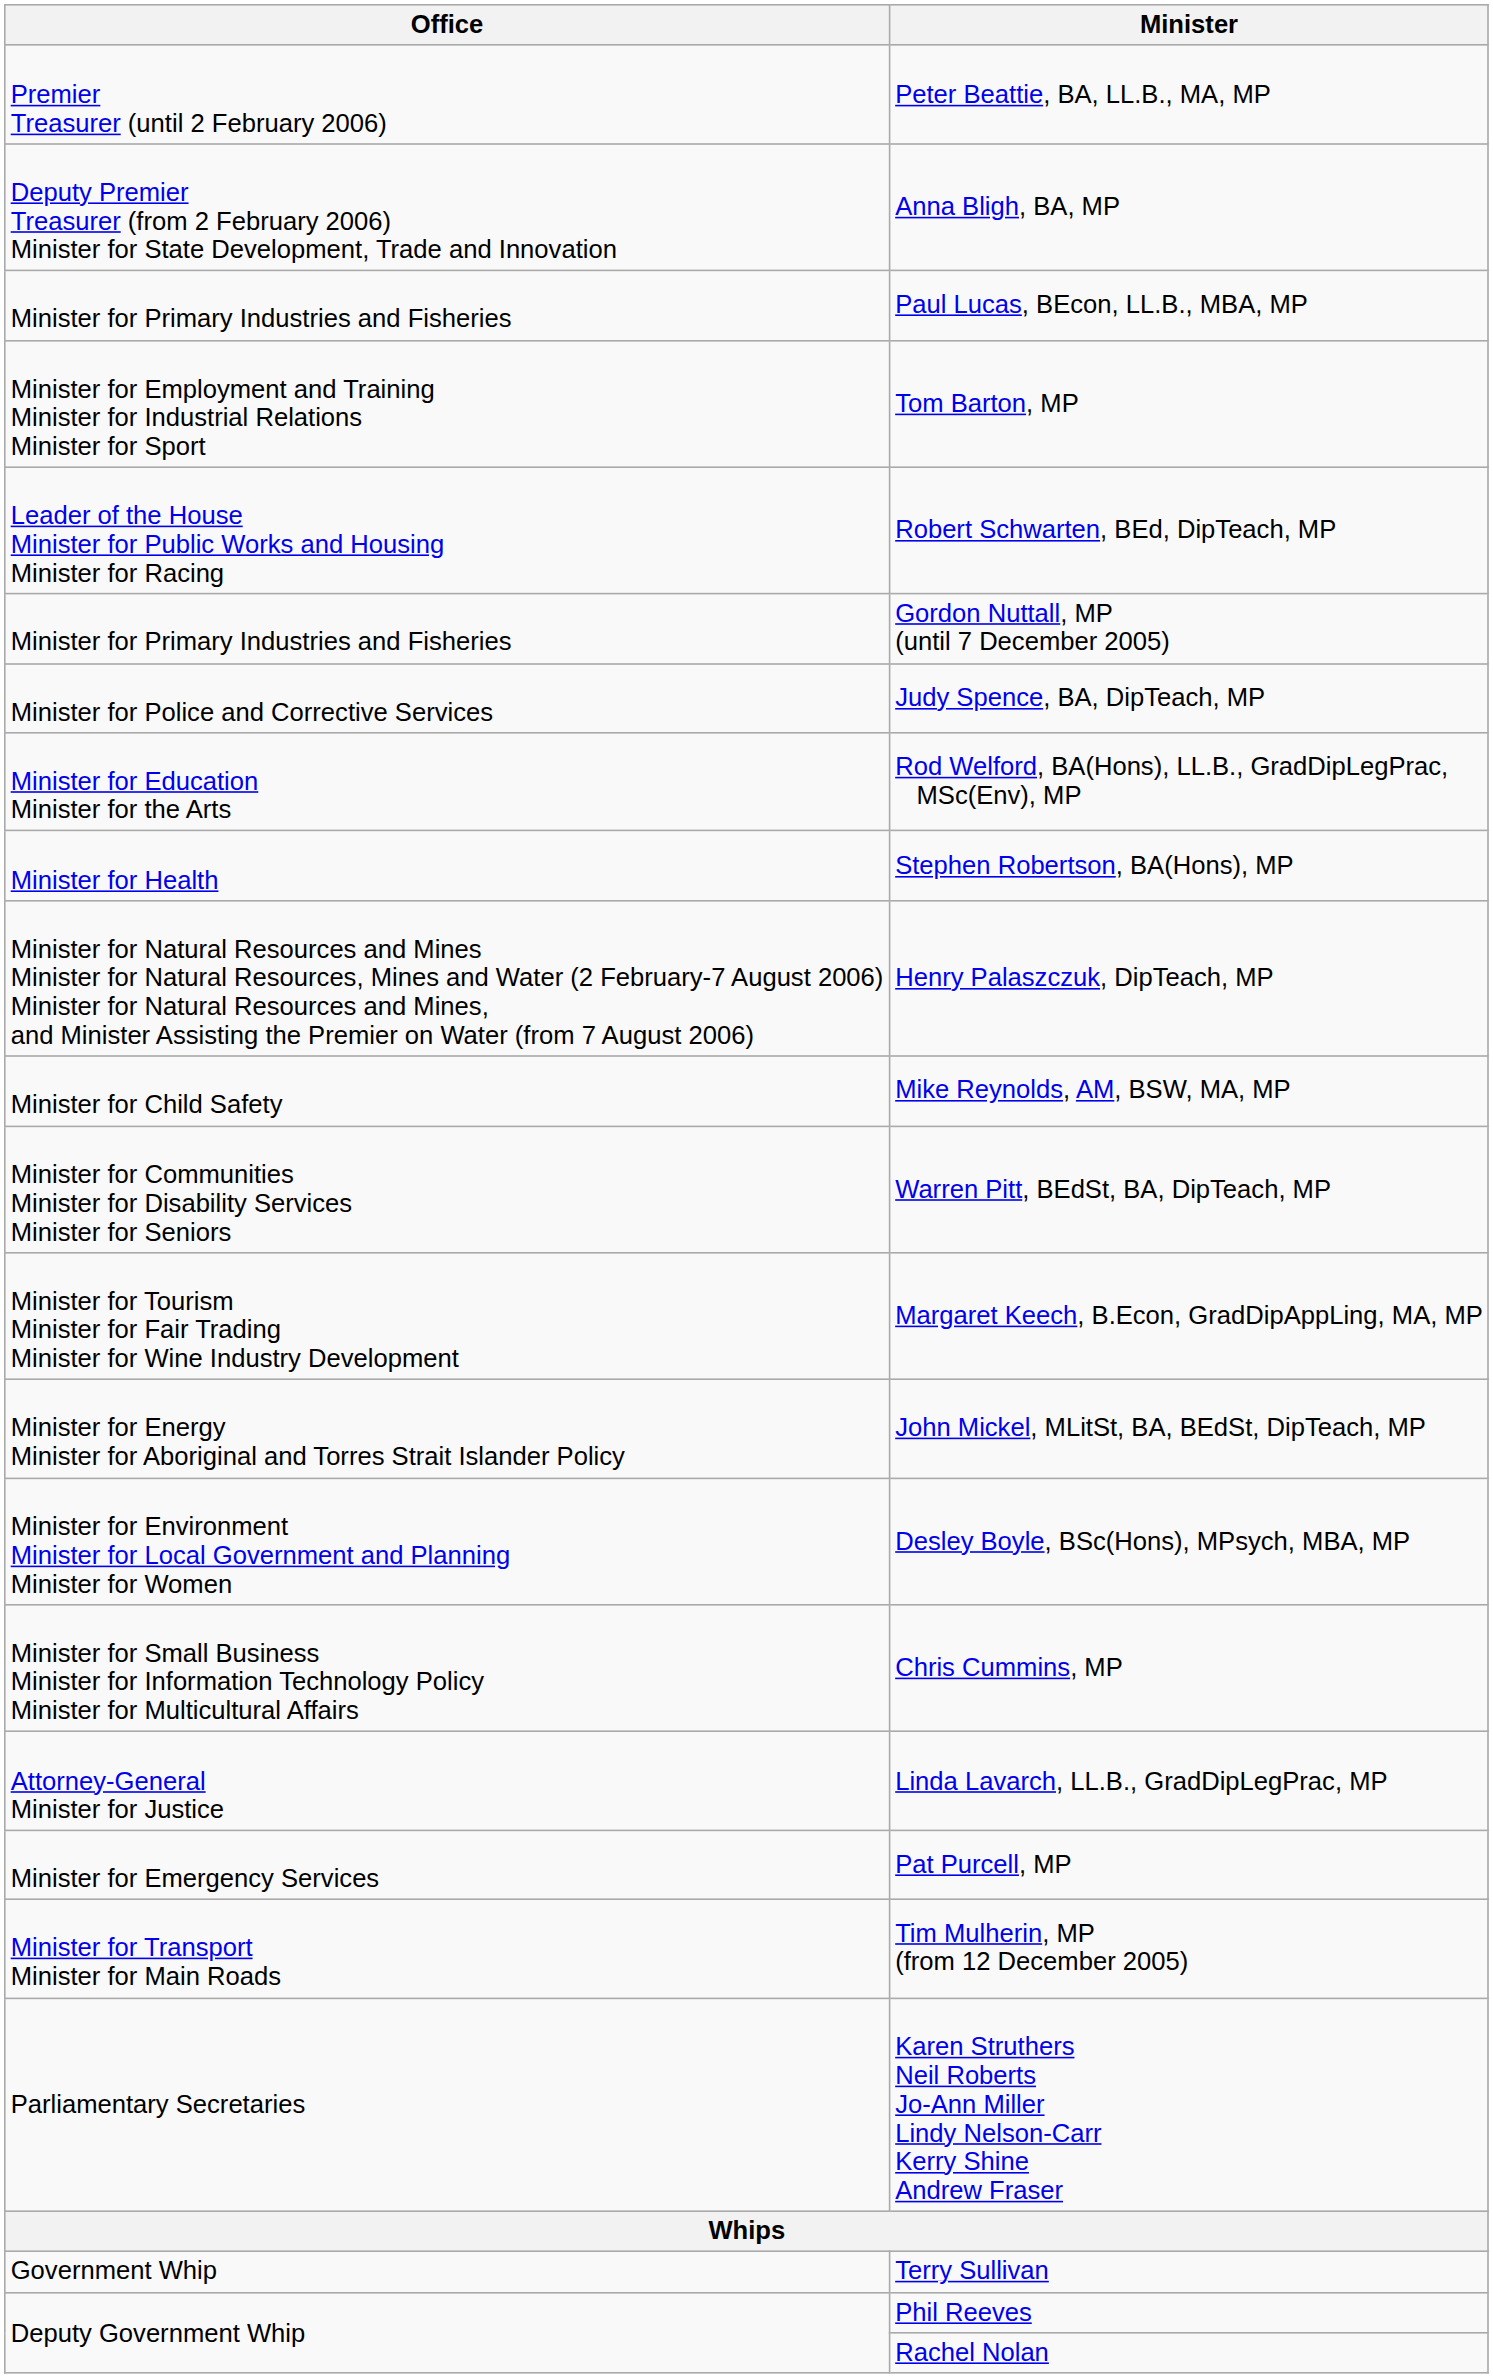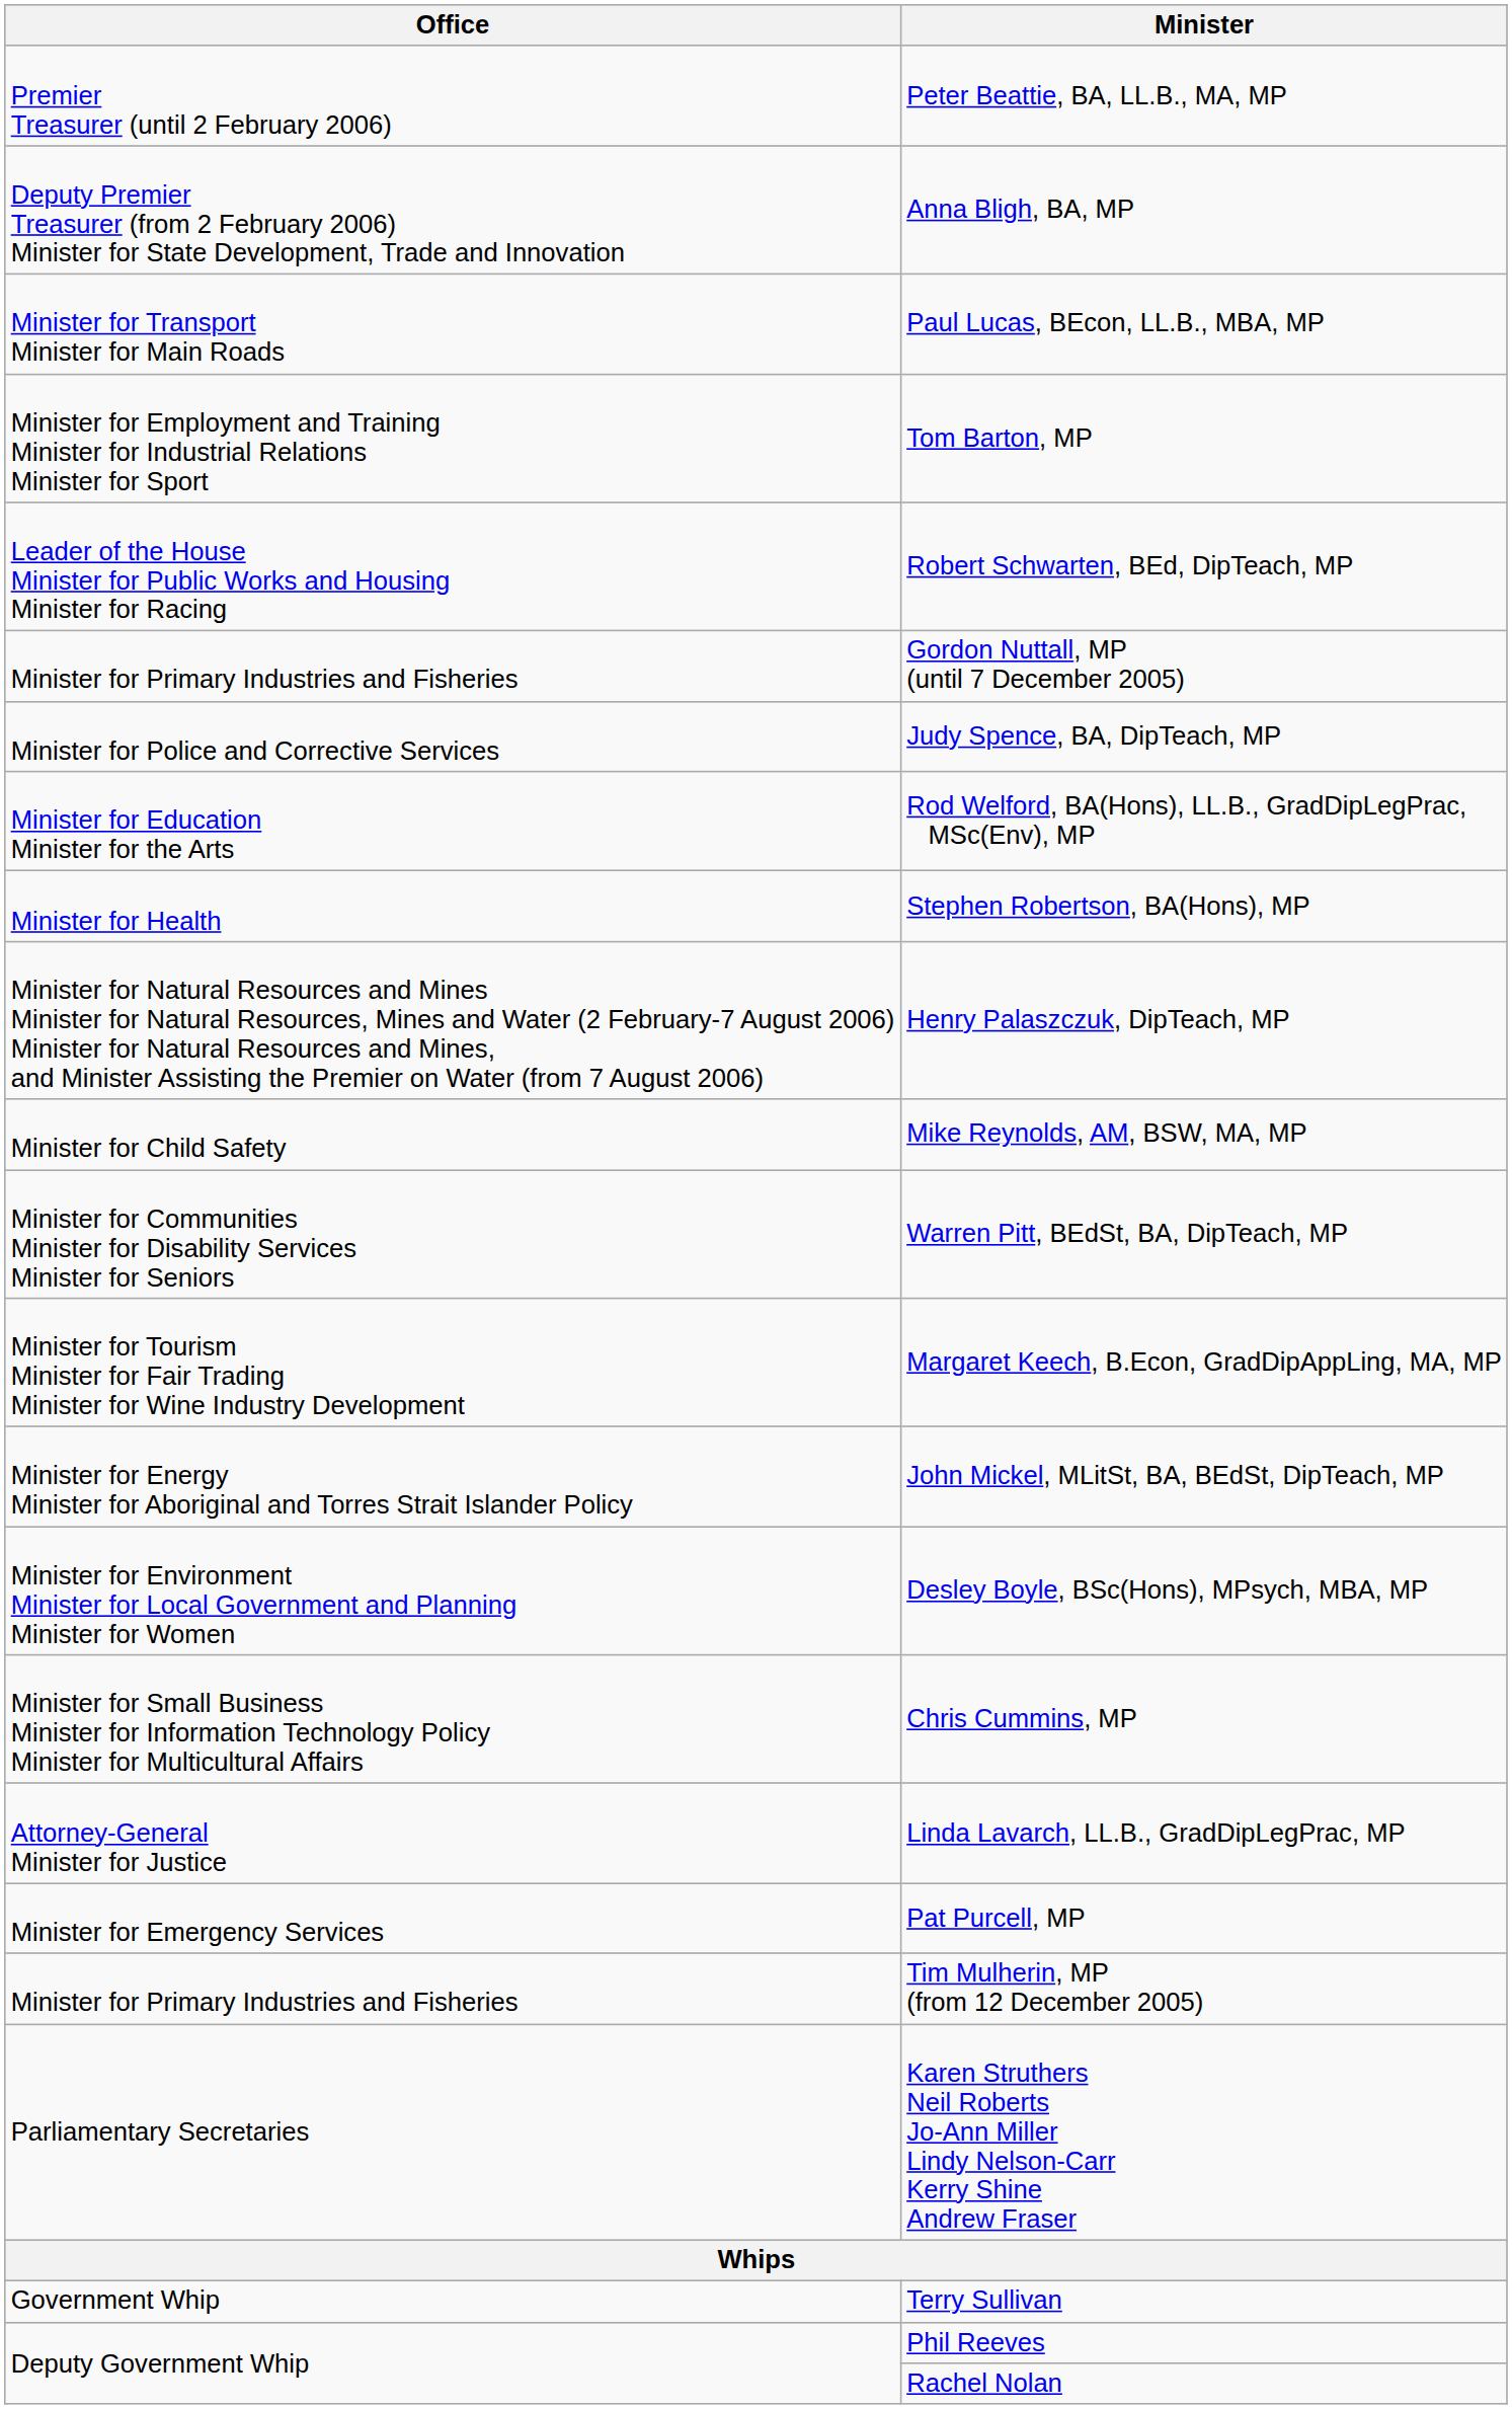 <table class="wikitable">
 <tr>
 <th>Office</th>
 <th>Minister</th>
 </tr>
 <tr>
 <td><br><a href='#'>Premier</a><br> <a href='#'>Treasurer</a> (until 2 February 2006)<br></td>
 <td><a href='#'>Peter Beattie</a>, BA, LL.B., MA, MP</td>
 </tr>
 <tr>
 <td><br><a href='#'>Deputy Premier</a><br> <a href='#'>Treasurer</a> (from 2 February 2006)<br> Minister for State Development, Trade and Innovation<br></td>
 <td><a href='#'>Anna Bligh</a>, BA, MP</td>
 </tr>
 <tr>
-<td><br>Minister for Primary Industries and Fisheries<br></td>
+<td><br><a href='#'>Minister for Transport</a><br> Minister for Main Roads<br></td>
 <td><a href='#'>Paul Lucas</a>, BEcon, LL.B., MBA, MP<br></td>
 </tr>
 <tr>
 <td><br>Minister for Employment and Training<br> Minister for Industrial Relations<br> Minister for Sport<br></td>
 <td><a href='#'>Tom Barton</a>, MP</td>
 </tr>
 <tr>
 <td><br><a href='#'>Leader of the House</a><br> <a href='#'>Minister for Public Works and Housing</a><br> Minister for Racing<br></td>
 <td><a href='#'>Robert Schwarten</a>, BEd, DipTeach, MP</td>
 </tr>
 <tr>
 <td><br>Minister for Primary Industries and Fisheries<br></td>
 <td><a href='#'>Gordon Nuttall</a>, MP<br>(until 7 December 2005)</td>
 </tr>
 <tr>
 <td><br>Minister for Police and Corrective Services<br></td>
 <td><a href='#'>Judy Spence</a>, BA, DipTeach, MP</td>
 </tr>
 <tr>
 <td><br><a href='#'>Minister for Education</a><br> Minister for the Arts<br></td>
 <td><a href='#'>Rod Welford</a>, BA(Hons), LL.B., GradDipLegPrac,<br>   MSc(Env), MP</td>
 </tr>
 <tr>
 <td><br><a href='#'>Minister for Health</a><br></td>
 <td><a href='#'>Stephen Robertson</a>, BA(Hons), MP</td>
 </tr>
 <tr>
 <td><br>Minister for Natural Resources and Mines<br> Minister for Natural Resources, Mines and Water (2 February-7 August 2006)<br> Minister for Natural Resources and Mines,<br> and Minister Assisting the Premier on Water (from 7 August 2006)</td>
 <td><a href='#'>Henry Palaszczuk</a>, DipTeach, MP</td>
 </tr>
 <tr>
 <td><br>Minister for Child Safety<br></td>
 <td><a href='#'>Mike Reynolds</a>, <a href='#'>AM</a>, BSW, MA, MP<br></td>
 </tr>
 <tr>
 <td><br>Minister for Communities<br> Minister for Disability Services<br> Minister for Seniors<br></td>
 <td><a href='#'>Warren Pitt</a>, BEdSt, BA, DipTeach, MP</td>
 </tr>
 <tr>
 <td><br>Minister for Tourism<br> Minister for Fair Trading<br> Minister for Wine Industry Development<br></td>
 <td><a href='#'>Margaret Keech</a>, B.Econ, GradDipAppLing, MA, MP</td>
 </tr>
 <tr>
 <td><br>Minister for Energy<br> Minister for Aboriginal and Torres Strait Islander Policy<br></td>
 <td><a href='#'>John Mickel</a>, MLitSt, BA, BEdSt, DipTeach, MP</td>
 </tr>
 <tr>
 <td><br>Minister for Environment<br> <a href='#'>Minister for Local Government and Planning</a><br> Minister for Women<br></td>
 <td><a href='#'>Desley Boyle</a>, BSc(Hons), MPsych, MBA, MP</td>
 </tr>
 <tr>
 <td><br>Minister for Small Business<br> Minister for Information Technology Policy<br> Minister for Multicultural Affairs<br></td>
 <td><a href='#'>Chris Cummins</a>, MP</td>
 </tr>
 <tr>
 <td><br><a href='#'>Attorney-General</a><br> Minister for Justice<br></td>
 <td><a href='#'>Linda Lavarch</a>, LL.B., GradDipLegPrac, MP</td>
 </tr>
 <tr>
 <td><br>Minister for Emergency Services<br></td>
 <td><a href='#'>Pat Purcell</a>, MP</td>
 </tr>
 <tr>
-<td><br><a href='#'>Minister for Transport</a><br> Minister for Main Roads<br></td>
+<td><br>Minister for Primary Industries and Fisheries<br></td>
 <td><a href='#'>Tim Mulherin</a>, MP<br>(from 12 December 2005)</td>
 </tr>
 <tr>
 <td>Parliamentary Secretaries</td>
 <td><br><a href='#'>Karen Struthers</a><br> <a href='#'>Neil Roberts</a><br> <a href='#'>Jo-Ann Miller</a><br> <a href='#'>Lindy Nelson-Carr</a><br> <a href='#'>Kerry Shine</a><br> <a href='#'>Andrew Fraser</a><br></td>
 </tr>
 <tr>
 <th colspan=2>Whips</th>
 </tr>
 <tr>
 <td>Government Whip</td>
 <td><a href='#'>Terry Sullivan</a></td>
 </tr>
 <tr>
 <td rowspan=2>Deputy Government Whip</td>
 <td><a href='#'>Phil Reeves</a></td>
 </tr>
 <tr>
 <td><a href='#'>Rachel Nolan</a></td>
 </tr>
 </table>
